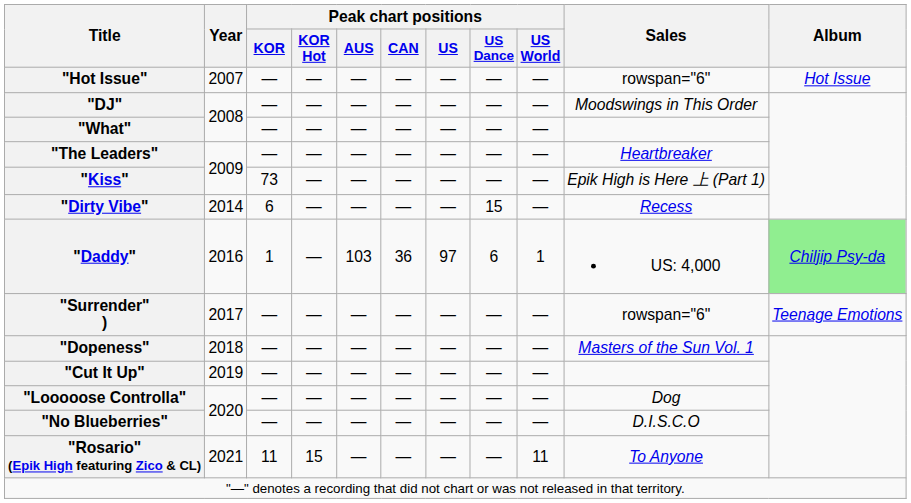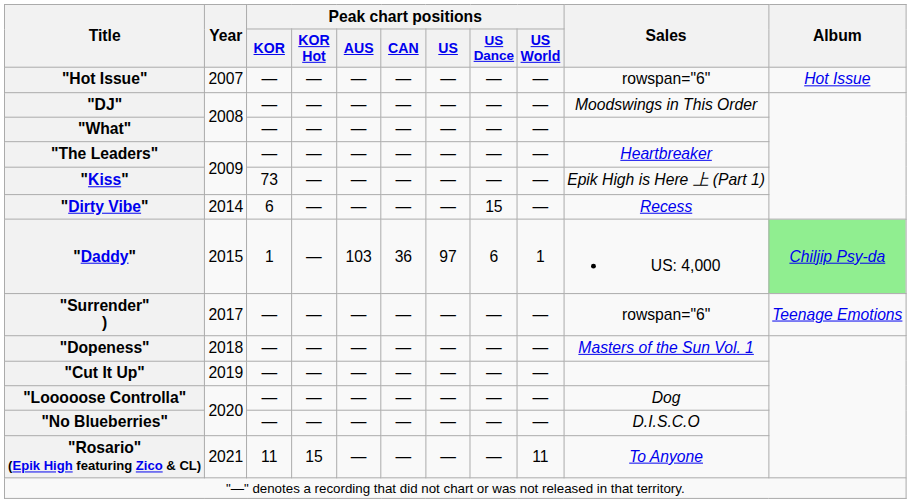 <table class="wikitable plainrowheaders" style="text-align:center;">
 <tr>
 <th scope="col" rowspan="2">Title</th>
 <th scope="col" rowspan="2">Year</th>
 <th colspan="7" scope="col">Peak chart positions</th>
 <th scope="col" rowspan="2">Sales</th>
 <th scope="col" rowspan="2">Album</th>
 </tr>
 <tr>
 <th scope="col" style="width:2.7em;font-size:90%;"><a href='#'>KOR</a><br></th>
 <th scope="col" style="width:2.7em;font-size:90%;"><a href='#'>KOR Hot</a><br></th>
 <th scope="col" style="width:2.7em;font-size:90%;"><a href='#'>AUS</a><br></th>
 <th scope="col" style="width:2.7em;font-size:90%;"><a href='#'>CAN</a><br></th>
 <th scope="col" style="width:2.7em;font-size:90%;"><a href='#'>US</a><br></th>
 <th scope="col" style="width:2.7em;font-size:86%;"><a href='#'>US Dance</a><br></th>
 <th scope="col" style="width:2.7em;font-size:90%;"><a href='#'>US World</a><br></th>
 </tr>
 <tr>
 <th scope="row">"Hot Issue"<br></th>
 <td>2007</td>
 <td>—</td>
 <td>—</td>
 <td>—</td>
 <td>—</td>
 <td>—</td>
 <td>—</td>
 <td>—</td>
 <td>rowspan="6" </td>
 <td><em><a href='#'>Hot Issue</a></em></td>
 </tr>
 <tr>
 <th scope="row">"DJ"<br></th>
 <td rowspan="2">2008</td>
 <td>—</td>
 <td>—</td>
 <td>—</td>
 <td>—</td>
 <td>—</td>
 <td>—</td>
 <td>—</td>
 <td><em>Moodswings in This Order</em></td>
 </tr>
 <tr>
 <th scope="row">"What"<br></th>
 <td>—</td>
 <td>—</td>
 <td>—</td>
 <td>—</td>
 <td>—</td>
 <td>—</td>
 <td>—</td>
 <td></td>
 </tr>
 <tr>
 <th scope="row">"The Leaders"<br></th>
 <td rowspan="2">2009</td>
 <td>—</td>
 <td>—</td>
 <td>—</td>
 <td>—</td>
 <td>—</td>
 <td>—</td>
 <td>—</td>
 <td><em><a href='#'>Heartbreaker</a></em></td>
 </tr>
 <tr>
 <th scope="row">"<a href='#'>Kiss</a>"<br></th>
 <td>73</td>
 <td>—</td>
 <td>—</td>
 <td>—</td>
 <td>—</td>
 <td>—</td>
 <td>—</td>
 <td><em>Epik High is Here 上 (Part 1)</em></td>
 </tr>
 <tr>
 <th scope="row">"<a href='#'>Dirty Vibe</a>"<br></th>
 <td>2014</td>
 <td>6</td>
 <td>—</td>
 <td>—</td>
 <td>—</td>
 <td>—</td>
 <td>15</td>
 <td>—</td>
 <td><em><a href='#'>Recess</a></em></td>
 </tr>
 <tr>
 <th scope="row">"<a href='#'>Daddy</a>"<br></th>
-<td>2016</td>
+<td>2015</td>
 <td>1</td>
 <td>—</td>
 <td>103</td>
 <td>36</td>
 <td>97</td>
 <td>6</td>
 <td>1</td>
 <td><br><ul><li>US: 4,000</li></ul></td>
 <td style="background: lightgreen;"><em><a href='#'>Chiljip Psy-da</a></em></td>
 </tr>
 <tr>
 <th scope="row">"Surrender"<br>)</th>
 <td>2017</td>
 <td>—</td>
 <td>—</td>
 <td>—</td>
 <td>—</td>
 <td>—</td>
 <td>—</td>
 <td>—</td>
 <td>rowspan="6" </td>
 <td><em><a href='#'>Teenage Emotions</a></em></td>
 </tr>
 <tr>
 <th scope="row">"Dopeness"<br></th>
 <td>2018</td>
 <td>—</td>
 <td>—</td>
 <td>—</td>
 <td>—</td>
 <td>—</td>
 <td>—</td>
 <td>—</td>
 <td><em><a href='#'>Masters of the Sun Vol. 1</a></em></td>
 </tr>
 <tr>
 <th scope="row">"Cut It Up"<br></th>
 <td>2019</td>
 <td>—</td>
 <td>—</td>
 <td>—</td>
 <td>—</td>
 <td>—</td>
 <td>—</td>
 <td>—</td>
 <td></td>
 </tr>
 <tr>
 <th scope="row">"Looooose Controlla"<br></th>
 <td rowspan="2">2020</td>
 <td>—</td>
 <td>—</td>
 <td>—</td>
 <td>—</td>
 <td>—</td>
 <td>—</td>
 <td>—</td>
 <td><em>Dog</em></td>
 </tr>
 <tr>
 <th scope="row">"No Blueberries"<br></th>
 <td>—</td>
 <td>—</td>
 <td>—</td>
 <td>—</td>
 <td>—</td>
 <td>—</td>
 <td>—</td>
 <td><em>D.I.S.C.O</em></td>
 </tr>
 <tr>
 <th scope="row">"Rosario"<br><small>(<a href='#'>Epik High</a> featuring <a href='#'>Zico</a> & CL)</small></th>
 <td>2021</td>
 <td>11</td>
 <td>15</td>
 <td>—</td>
 <td>—</td>
 <td>—</td>
 <td>—</td>
 <td>11</td>
 <td><em><a href='#'>To Anyone</a></em></td>
 </tr>
 <tr>
 <td colspan="14" align="center" style="font-size:85%">"—" denotes a recording that did not chart or was not released in that territory.</td>
 </tr>
 </table>
